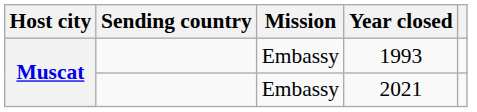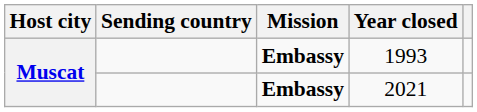 <table class="wikitable plainrowheaders">
 <tr>
 <th scope="col">Host city</th>
 <th scope="col">Sending country</th>
 <th scope="col">Mission</th>
 <th scope="col">Year closed</th>
 <th scope="col"></th>
 </tr>
 <tr>
 <th rowspan="2"><a href='#'>Muscat</a></th>
 <td></td>
-<td style="text-align:center;">Embassy</td>
+<td style="text-align:center;"><strong>Embassy</strong></td>
 <td style="text-align:center;">1993</td>
 <td style="text-align:center;"></td>
 </tr>
 <tr>
 <td></td>
-<td style="text-align:center;">Embassy</td>
+<td style="text-align:center;"><strong>Embassy</strong></td>
 <td style="text-align:center;">2021</td>
 <td style="text-align:center;"></td>
 </tr>
 </table>
